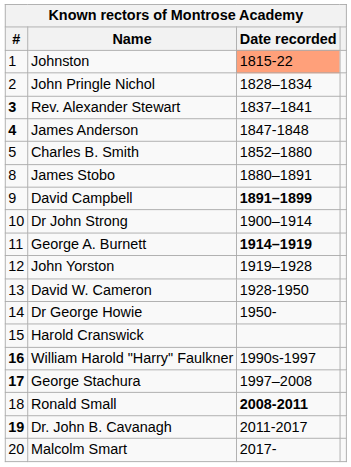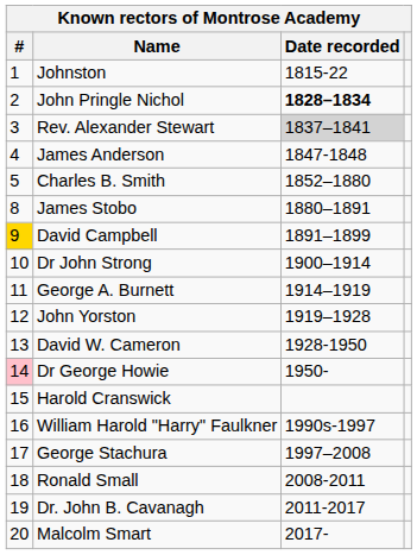 <table class="wikitable collapsible collapsed" style="margin: 1em auto 1em auto">
 <tr>
 <th colspan="6">Known rectors of Montrose Academy</th>
 </tr>
 <tr>
 <th>#</th>
 <th>Name</th>
 <th>Date recorded</th>
 <th></th>
 </tr>
 <tr>
 <td>1</td>
 <td>Johnston</td>
-<td style="background: lightsalmon;">1815-22</td>
+<td>1815-22</td>
 <td></td>
 </tr>
 <tr>
 <td>2</td>
 <td>John Pringle Nichol</td>
-<td>1828–1834</td>
+<td><strong>1828–1834</strong></td>
 <td></td>
 </tr>
 <tr>
-<td><strong>3</strong></td>
+<td>3</td>
 <td>Rev. Alexander Stewart</td>
-<td>1837–1841</td>
+<td style="background: lightgrey;">1837–1841</td>
 <td></td>
 </tr>
 <tr>
-<td><strong>4</strong></td>
+<td>4</td>
 <td>James Anderson</td>
 <td>1847-1848</td>
 <td></td>
 </tr>
 <tr>
 <td>5</td>
 <td>Charles B. Smith</td>
 <td>1852–1880</td>
 <td></td>
 </tr>
 <tr>
 <td>8</td>
 <td>James Stobo</td>
 <td>1880–1891</td>
 <td></td>
 </tr>
 <tr>
-<td>9</td>
+<td style="background: gold;">9</td>
 <td>David Campbell</td>
-<td><strong>1891–1899</strong></td>
+<td>1891–1899</td>
 <td></td>
 </tr>
 <tr>
 <td>10</td>
 <td>Dr John Strong</td>
 <td>1900–1914</td>
 <td></td>
 </tr>
 <tr>
 <td>11</td>
 <td>George A. Burnett</td>
-<td><strong>1914–1919</strong></td>
+<td>1914–1919</td>
 <td></td>
 </tr>
 <tr>
 <td>12</td>
 <td>John Yorston</td>
 <td>1919–1928</td>
 <td></td>
 </tr>
 <tr>
 <td>13</td>
 <td>David W. Cameron</td>
 <td>1928-1950</td>
 <td></td>
 </tr>
 <tr>
-<td>14</td>
+<td style="background: pink;">14</td>
 <td>Dr George Howie</td>
 <td>1950-</td>
 <td></td>
 </tr>
 <tr>
 <td>15</td>
 <td>Harold Cranswick</td>
 <td></td>
 <td></td>
 </tr>
 <tr>
-<td><strong>16</strong></td>
+<td>16</td>
 <td>William Harold "Harry" Faulkner</td>
 <td>1990s-1997</td>
 <td></td>
 </tr>
 <tr>
-<td><strong>17</strong></td>
+<td>17</td>
 <td>George Stachura</td>
 <td>1997–2008</td>
 <td></td>
 </tr>
 <tr>
 <td>18</td>
 <td>Ronald Small</td>
-<td><strong>2008-2011</strong></td>
+<td>2008-2011</td>
 <td></td>
 </tr>
 <tr>
-<td><strong>19</strong></td>
+<td>19</td>
 <td>Dr. John B. Cavanagh</td>
 <td>2011-2017</td>
 <td></td>
 </tr>
 <tr>
 <td>20</td>
 <td>Malcolm Smart</td>
 <td>2017-</td>
 </tr>
 </table>
